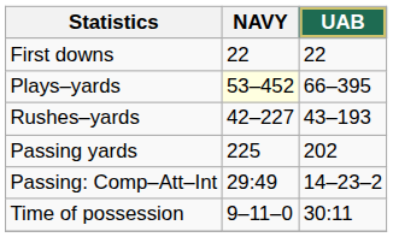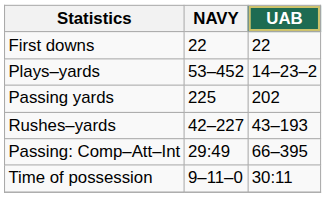 <table class="wikitable" style="float: left;">
 <tr>
 <th>Statistics</th>
 <th>NAVY</th>
 <th style="background-color:#1E6B52;color:#FFFFFF;box-shadow: inset 2px 2px 0 #CDC26C, inset -2px -2px 0 #CDC26C">UAB</th>
 </tr>
 <tr>
 <td>First downs</td>
 <td>22</td>
 <td>22</td>
 </tr>
 <tr>
 <td>Plays–yards</td>
-<td style="background: lightyellow;">53–452</td>
-<td>66–395</td>
+<td>53–452</td>
+<td>14–23–2</td>
+</tr>
+<tr>
+<td>Passing yards</td>
+<td>225</td>
+<td>202</td>
 </tr>
 <tr>
 <td>Rushes–yards</td>
 <td>42–227</td>
 <td>43–193</td>
 </tr>
 <tr>
-<td>Passing yards</td>
-<td>225</td>
-<td>202</td>
-</tr>
-<tr>
 <td>Passing: Comp–Att–Int</td>
 <td>29:49</td>
-<td>14–23–2</td>
+<td>66–395</td>
 </tr>
 <tr>
 <td>Time of possession</td>
 <td>9–11–0</td>
 <td>30:11</td>
 </tr>
 <tr>
 </tr>
 </table>
